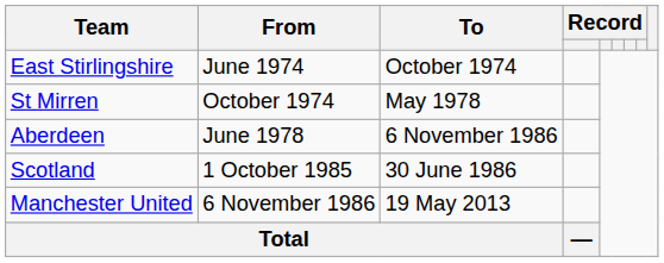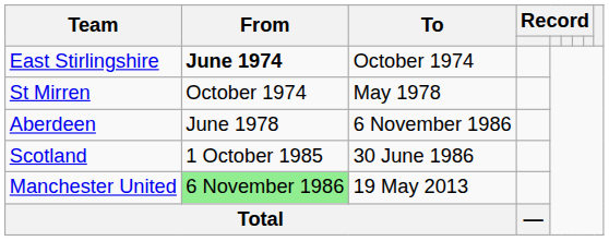 <table class=wikitable style="text-align: center">
 <tr>
 <th rowspan=2>Team</th>
 <th rowspan=2>From</th>
 <th rowspan=2>To</th>
 <th colspan=5>Record</th>
 <th rowspan=2></th>
 </tr>
 <tr>
 <th></th>
 <th></th>
 <th></th>
 <th></th>
 <th></th>
 </tr>
 <tr>
 <td align=left><a href='#'>East Stirlingshire</a></td>
-<td align=left>June 1974</td>
+<td align=left><strong>June 1974</strong></td>
 <td align=left>October 1974<br></td>
 <td></td>
 </tr>
 <tr>
 <td align=left><a href='#'>St Mirren</a></td>
 <td align=left>October 1974</td>
 <td align=left>May 1978<br></td>
 <td></td>
 </tr>
 <tr>
 <td align=left><a href='#'>Aberdeen</a></td>
 <td align=left>June 1978</td>
 <td align=left>6 November 1986<br></td>
 <td></td>
 </tr>
 <tr>
 <td align=left><a href='#'>Scotland</a></td>
 <td align=left>1 October 1985</td>
 <td align=left>30 June 1986<br></td>
 <td></td>
 </tr>
 <tr>
 <td align=left><a href='#'>Manchester United</a></td>
-<td align=left>6 November 1986</td>
+<td align=left style="background: lightgreen;">6 November 1986</td>
 <td align=left>19 May 2013<br></td>
 <td></td>
 </tr>
 <tr>
 <th colspan=3>Total<br></th>
 <th>—</th>
 </tr>
 </table>
